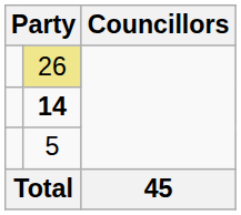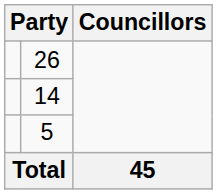 <table class="wikitable">
 <tr>
 <th colspan=2>Party</th>
 <th>Councillors</th>
 </tr>
 <tr>
 <td></td>
-<td align=center style="background: khaki;">26</td>
+<td align=center>26</td>
 </tr>
 <tr>
 <td></td>
-<td align=center><strong>14</strong></td>
+<td align=center>14</td>
 </tr>
 <tr>
 <td></td>
 <td align=center>5</td>
 </tr>
 <tr>
 <th colspan=2>Total</th>
 <th align=center>45</th>
 </tr>
 </table>
